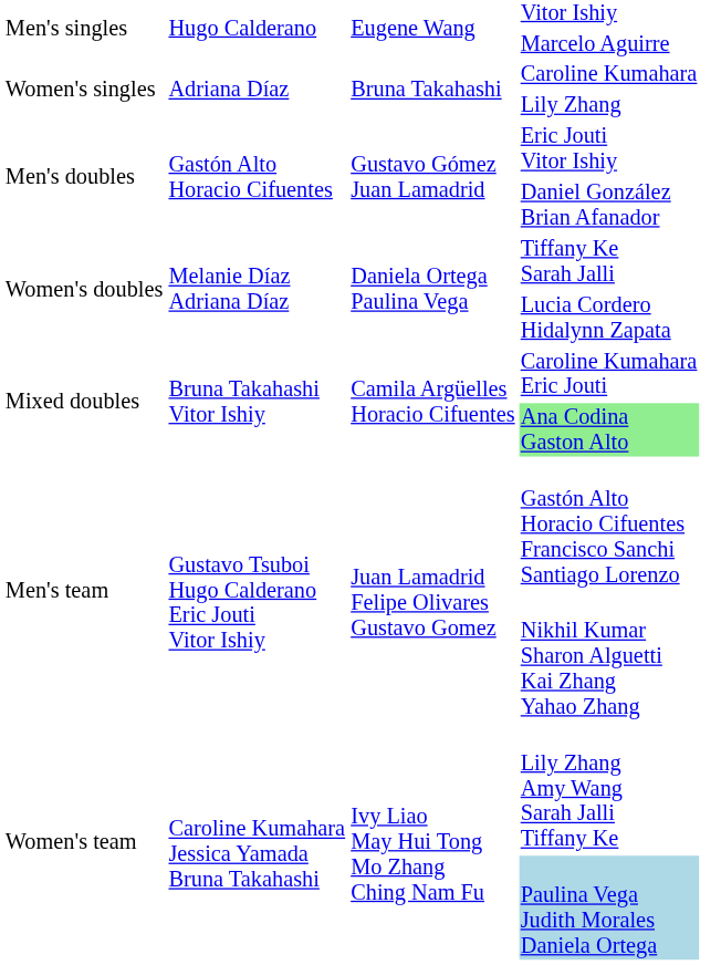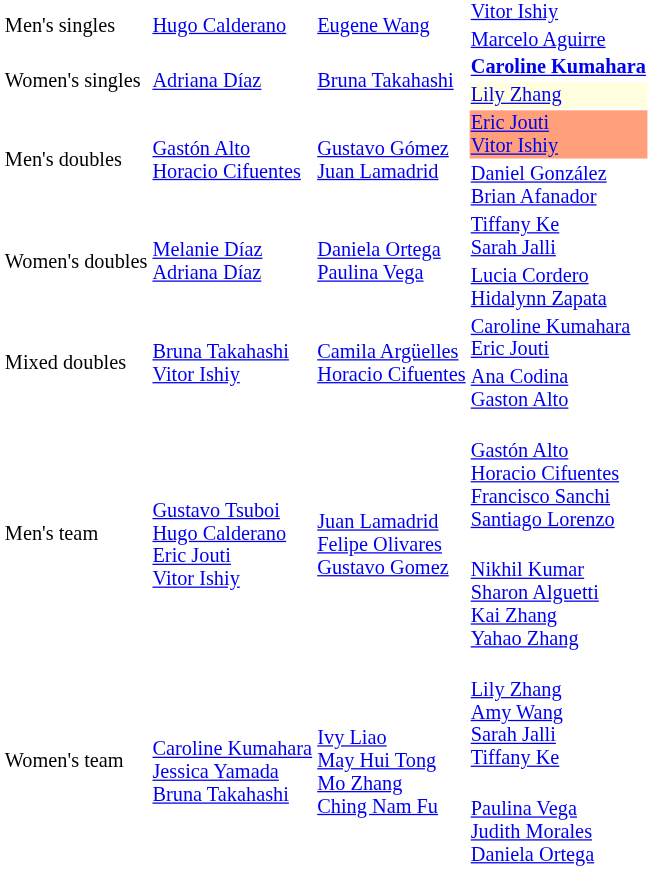 <table>
 <tr>
 <td rowspan=2>Men's singles</td>
 <td rowspan=2> <a href='#'>Hugo Calderano</a></td>
 <td rowspan=2> <a href='#'>Eugene Wang</a></td>
 <td> <a href='#'>Vitor Ishiy</a></td>
 </tr>
 <tr>
 <td> <a href='#'>Marcelo Aguirre</a></td>
 </tr>
 <tr>
 <td rowspan=2>Women's singles</td>
 <td rowspan=2> <a href='#'>Adriana Díaz</a></td>
 <td rowspan=2> <a href='#'>Bruna Takahashi</a></td>
-<td> <a href='#'>Caroline Kumahara</a></td>
+<td><strong> <a href='#'>Caroline Kumahara</a></strong></td>
 </tr>
 <tr>
-<td> <a href='#'>Lily Zhang</a></td>
+<td style="background: lightyellow;"> <a href='#'>Lily Zhang</a></td>
 </tr>
 <tr>
 <td rowspan=2>Men's doubles</td>
 <td rowspan=2> <a href='#'>Gastón Alto</a><br> <a href='#'>Horacio Cifuentes</a></td>
 <td rowspan=2> <a href='#'>Gustavo Gómez</a><br> <a href='#'>Juan Lamadrid</a></td>
-<td> <a href='#'>Eric Jouti</a><br> <a href='#'>Vitor Ishiy</a></td>
+<td style="background: lightsalmon;"> <a href='#'>Eric Jouti</a><br> <a href='#'>Vitor Ishiy</a></td>
 </tr>
 <tr>
 <td> <a href='#'>Daniel González</a><br> <a href='#'>Brian Afanador</a></td>
 </tr>
 <tr>
 <td rowspan=2>Women's doubles</td>
 <td rowspan=2> <a href='#'>Melanie Díaz</a><br> <a href='#'>Adriana Díaz</a></td>
 <td rowspan=2> <a href='#'>Daniela Ortega</a><br> <a href='#'>Paulina Vega</a></td>
 <td> <a href='#'>Tiffany Ke</a><br> <a href='#'>Sarah Jalli</a></td>
 </tr>
 <tr>
 <td> <a href='#'>Lucia Cordero</a><br> <a href='#'>Hidalynn Zapata</a></td>
 </tr>
 <tr>
 <td rowspan=2>Mixed doubles</td>
 <td rowspan=2> <a href='#'>Bruna Takahashi</a><br> <a href='#'>Vitor Ishiy</a></td>
 <td rowspan=2> <a href='#'>Camila Argüelles</a><br> <a href='#'>Horacio Cifuentes</a></td>
 <td> <a href='#'>Caroline Kumahara</a><br> <a href='#'>Eric Jouti</a></td>
 </tr>
 <tr>
-<td style="background: lightgreen;"> <a href='#'>Ana Codina</a><br> <a href='#'>Gaston Alto</a></td>
+<td> <a href='#'>Ana Codina</a><br> <a href='#'>Gaston Alto</a></td>
 </tr>
 <tr>
 <td rowspan=2>Men's team</td>
 <td rowspan=2><br><a href='#'>Gustavo Tsuboi</a><br><a href='#'>Hugo Calderano</a><br><a href='#'>Eric Jouti</a><br><a href='#'>Vitor Ishiy</a></td>
 <td rowspan=2><br><a href='#'>Juan Lamadrid</a><br><a href='#'>Felipe Olivares</a><br><a href='#'>Gustavo Gomez</a></td>
 <td><br><a href='#'>Gastón Alto</a><br><a href='#'>Horacio Cifuentes</a><br><a href='#'>Francisco Sanchi</a><br><a href='#'>Santiago Lorenzo</a></td>
 </tr>
 <tr>
 <td><br><a href='#'>Nikhil Kumar</a><br><a href='#'>Sharon Alguetti</a><br><a href='#'>Kai Zhang</a><br><a href='#'>Yahao Zhang</a></td>
 </tr>
 <tr>
 <td rowspan=2>Women's team</td>
 <td rowspan=2><br><a href='#'>Caroline Kumahara</a><br><a href='#'>Jessica Yamada</a><br><a href='#'>Bruna Takahashi</a></td>
 <td rowspan=2><br><a href='#'>Ivy Liao</a><br><a href='#'>May Hui Tong</a><br><a href='#'>Mo Zhang</a><br><a href='#'>Ching Nam Fu</a></td>
 <td><br><a href='#'>Lily Zhang</a><br><a href='#'>Amy Wang</a><br><a href='#'>Sarah Jalli</a><br><a href='#'>Tiffany Ke</a></td>
 </tr>
 <tr>
-<td style="background: lightblue;"><br><a href='#'>Paulina Vega</a><br><a href='#'>Judith Morales</a><br><a href='#'>Daniela Ortega</a></td>
+<td><br><a href='#'>Paulina Vega</a><br><a href='#'>Judith Morales</a><br><a href='#'>Daniela Ortega</a></td>
 </tr>
 </table>
